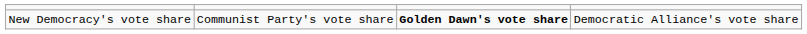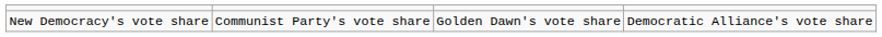 <table class="wikitable" style="margin:auto; font-size:85%; text-align:center;">
 <tr>
 <td></td>
 <td></td>
 <td></td>
 <td></td>
 </tr>
 <tr>
 <td>New Democracy's vote share</td>
 <td>Communist Party's vote share</td>
-<td><strong>Golden Dawn's vote share</strong></td>
+<td>Golden Dawn's vote share</td>
 <td>Democratic Alliance's vote share</td>
 </tr>
 </table>
